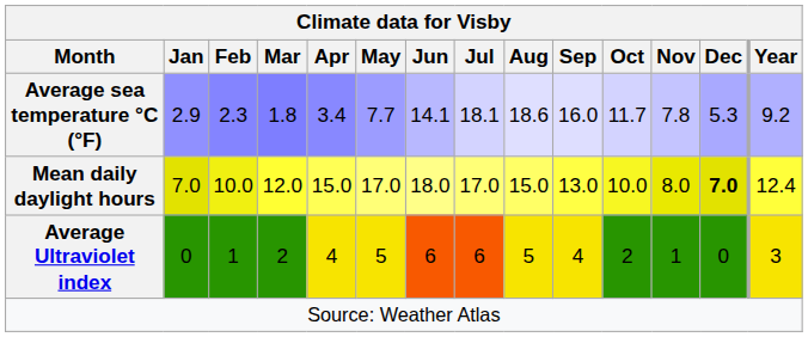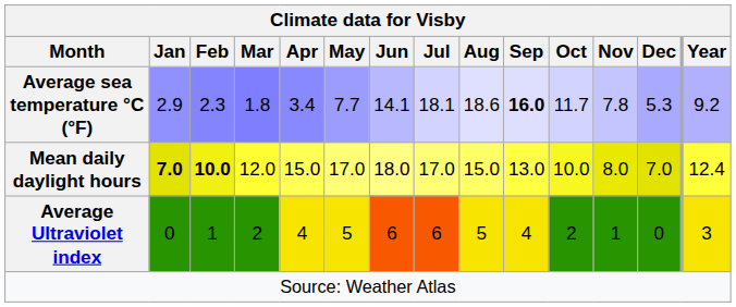 <table style="width:100%;text-align:center;line-height:1.2em;margin-left:auto;margin-right:auto" class="wikitable sortable mw-collapsible mw-collapsed">
 <tr>
 <th Colspan=14>Climate data for Visby</th>
 </tr>
 <tr>
 <th>Month</th>
 <th>Jan</th>
 <th>Feb</th>
 <th>Mar</th>
 <th>Apr</th>
 <th>May</th>
 <th>Jun</th>
 <th>Jul</th>
 <th>Aug</th>
 <th>Sep</th>
 <th>Oct</th>
 <th>Nov</th>
 <th>Dec</th>
 <th style="border-left-width:medium">Year</th>
 </tr>
 <tr>
 <th>Average sea temperature °C (°F)</th>
 <td style="background:#9090FF;color:#000000;">2.9<br></td>
 <td style="background:#8484FF;color:#000000;">2.3<br></td>
 <td style="background:#7E7EFF;color:#000000;">1.8<br></td>
 <td style="background:#8888FF;color:#000000;">3.4<br></td>
 <td style="background:#9C9CFF;color:#000000;">7.7<br></td>
 <td style="background:#B8B8FF;color:#000000;">14.1<br></td>
 <td style="background:#D3D3FF;color:#000000;">18.1<br></td>
 <td style="background:#DFDFFF;color:#000000;">18.6<br></td>
-<td style="background:#DEDEFF;color:#000000;">16.0<br></td>
+<td style="background:#DEDEFF;color:#000000;"><strong>16.0<br></strong></td>
 <td style="background:#D3D3FF;color:#000000;">11.7<br></td>
 <td style="background:#C4C4FF;color:#000000;">7.8<br></td>
 <td style="background:#A9A9FF;color:#000000;">5.3<br></td>
 <td style="background:#B0B0FF;color:#000000;border-left-width:medium">9.2<br></td>
 </tr>
 <tr>
 <th>Mean daily daylight hours</th>
-<td style="background:#E2E200;color:#000000;">7.0</td>
-<td style="background:#F0F011;color:#000000;">10.0</td>
+<td style="background:#E2E200;color:#000000;"><strong>7.0</strong></td>
+<td style="background:#F0F011;color:#000000;"><strong>10.0</strong></td>
 <td style="background:#FFFF33;color:#000000;">12.0</td>
 <td style="background:#FFFF55;color:#000000;">15.0</td>
 <td style="background:#FFFF77;color:#000000;">17.0</td>
 <td style="background:#FFFF88;color:#000000;">18.0</td>
 <td style="background:#FFFF77;color:#000000;">17.0</td>
 <td style="background:#FFFF66;color:#000000;">15.0</td>
 <td style="background:#FFFF44;color:#000000;">13.0</td>
 <td style="background:#F7F722;color:#000000;">10.0</td>
 <td style="background:#E9E900;color:#000000;">8.0</td>
-<td style="background:#E2E200;color:#000000;"><strong>7.0</strong></td>
+<td style="background:#E2E200;color:#000000;">7.0</td>
 <td style="background:#FFFF3A;color:#000000;border-left-width:medium">12.4</td>
 </tr>
 <tr>
 <th>Average <a href='#'>Ultraviolet index</a></th>
 <td style="background:#289500;color:#000000;">0</td>
 <td style="background:#289500;color:#000000;">1</td>
 <td style="background:#289500;color:#000000;">2</td>
 <td style="background:#f7e400;color:#000000;">4</td>
 <td style="background:#f7e400;color:#000000;">5</td>
 <td style="background:#f85900;color:#000000;">6</td>
 <td style="background:#f85900;color:#000000;">6</td>
 <td style="background:#f7e400;color:#000000;">5</td>
 <td style="background:#f7e400;color:#000000;">4</td>
 <td style="background:#289500;color:#000000;">2</td>
 <td style="background:#289500;color:#000000;">1</td>
 <td style="background:#289500;color:#000000;">0</td>
 <td style="background:#f7e400;color:#000000;border-left-width:medium">3</td>
 </tr>
 <tr>
 <th Colspan=14 style="background:#f8f9fa;font-weight:normal;font-size:95%;">Source: Weather Atlas</th>
 </tr>
 </table>
